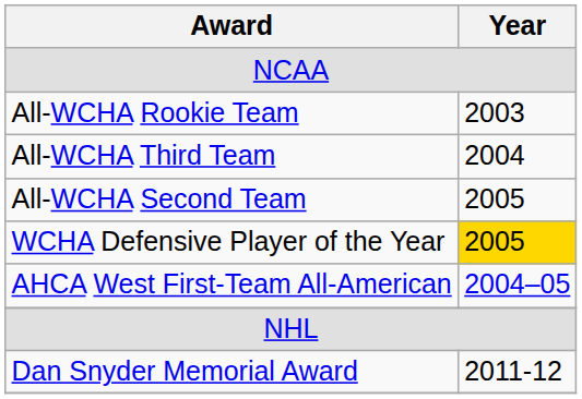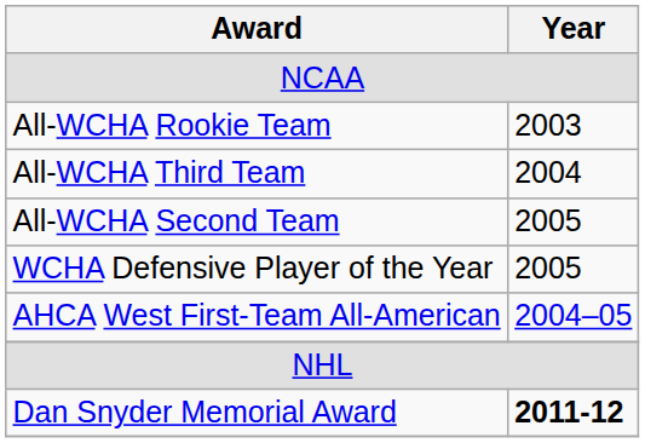 <table class="wikitable">
 <tr>
 <th>Award</th>
 <th>Year</th>
 </tr>
 <tr ALIGN="center" bgcolor="#e0e0e0">
 <td colspan="3"><a href='#'>NCAA</a></td>
 </tr>
 <tr>
 <td>All-<a href='#'>WCHA</a> <a href='#'>Rookie Team</a></td>
 <td>2003</td>
 </tr>
 <tr>
 <td>All-<a href='#'>WCHA</a> <a href='#'>Third Team</a></td>
 <td>2004</td>
 </tr>
 <tr>
 <td>All-<a href='#'>WCHA</a> <a href='#'>Second Team</a></td>
 <td>2005</td>
 </tr>
 <tr>
 <td><a href='#'>WCHA</a> Defensive Player of the Year</td>
-<td style="background: gold;">2005</td>
+<td>2005</td>
 </tr>
 <tr>
 <td><a href='#'>AHCA</a> <a href='#'>West First-Team All-American</a></td>
 <td><a href='#'>2004–05</a></td>
 </tr>
 <tr>
 </tr>
 <tr ALIGN="center" bgcolor="#e0e0e0">
 <td colspan="3"><a href='#'>NHL</a></td>
 </tr>
 <tr>
 <td><a href='#'>Dan Snyder Memorial Award</a></td>
-<td>2011-12</td>
+<td><strong>2011-12</strong></td>
 </tr>
 <tr>
 </tr>
 </table>
